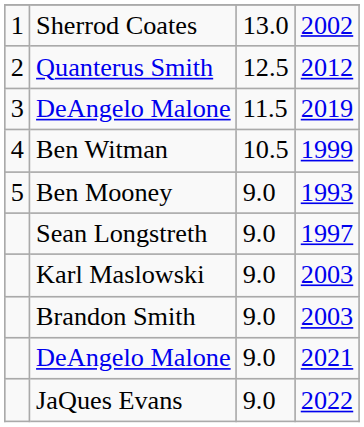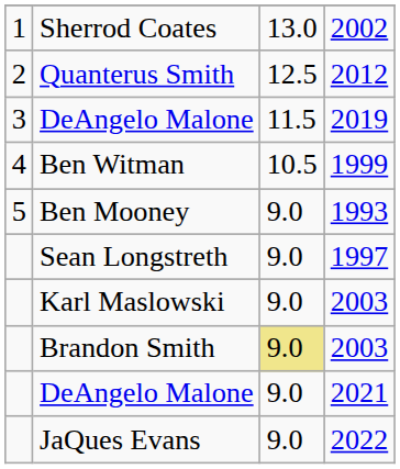 <table class="wikitable">
 <tr>
 </tr>
 <tr>
 <td>1</td>
 <td>Sherrod Coates</td>
 <td>13.0</td>
 <td><a href='#'>2002</a></td>
 </tr>
 <tr>
 <td>2</td>
 <td><a href='#'>Quanterus Smith</a></td>
 <td>12.5</td>
 <td><a href='#'>2012</a></td>
 </tr>
 <tr>
 <td>3</td>
 <td><a href='#'>DeAngelo Malone</a></td>
 <td>11.5</td>
 <td><a href='#'>2019</a></td>
 </tr>
 <tr>
 <td>4</td>
 <td>Ben Witman</td>
 <td>10.5</td>
 <td><a href='#'>1999</a></td>
 </tr>
 <tr>
 <td>5</td>
 <td>Ben Mooney</td>
 <td>9.0</td>
 <td><a href='#'>1993</a></td>
 </tr>
 <tr>
 <td></td>
 <td>Sean Longstreth</td>
 <td>9.0</td>
 <td><a href='#'>1997</a></td>
 </tr>
 <tr>
 <td></td>
 <td>Karl Maslowski</td>
 <td>9.0</td>
 <td><a href='#'>2003</a></td>
 </tr>
 <tr>
 <td></td>
 <td>Brandon Smith</td>
-<td>9.0</td>
+<td style="background: khaki;">9.0</td>
 <td><a href='#'>2003</a></td>
 </tr>
 <tr>
 <td></td>
 <td><a href='#'>DeAngelo Malone</a></td>
 <td>9.0</td>
 <td><a href='#'>2021</a></td>
 </tr>
 <tr>
 <td></td>
 <td>JaQues Evans</td>
 <td>9.0</td>
 <td><a href='#'>2022</a></td>
 </tr>
 </table>
